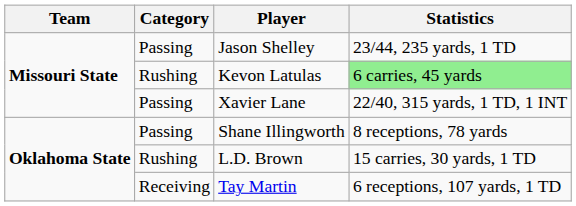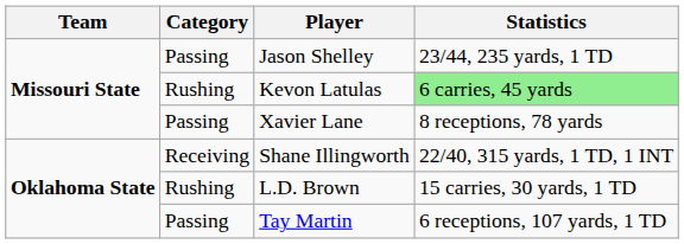 <table class="wikitable" style="float: right;">
 <tr>
 <th>Team</th>
 <th>Category</th>
 <th>Player</th>
 <th>Statistics</th>
 </tr>
 <tr>
 <td rowspan=3><strong>Missouri State</strong></td>
 <td>Passing</td>
 <td>Jason Shelley</td>
 <td>23/44, 235 yards, 1 TD</td>
 </tr>
 <tr>
 <td>Rushing</td>
 <td>Kevon Latulas</td>
 <td style="background: lightgreen;">6 carries, 45 yards</td>
 </tr>
 <tr>
 <td>Passing</td>
 <td>Xavier Lane</td>
-<td>22/40, 315 yards, 1 TD, 1 INT</td>
+<td>8 receptions, 78 yards</td>
 </tr>
 <tr>
 <td rowspan=3><strong>Oklahoma State</strong></td>
-<td>Passing</td>
+<td>Receiving</td>
 <td>Shane Illingworth</td>
-<td>8 receptions, 78 yards</td>
+<td>22/40, 315 yards, 1 TD, 1 INT</td>
 </tr>
 <tr>
 <td>Rushing</td>
 <td>L.D. Brown</td>
 <td>15 carries, 30 yards, 1 TD</td>
 </tr>
 <tr>
-<td>Receiving</td>
+<td>Passing</td>
 <td><a href='#'>Tay Martin</a></td>
 <td>6 receptions, 107 yards, 1 TD</td>
 </tr>
 </table>
